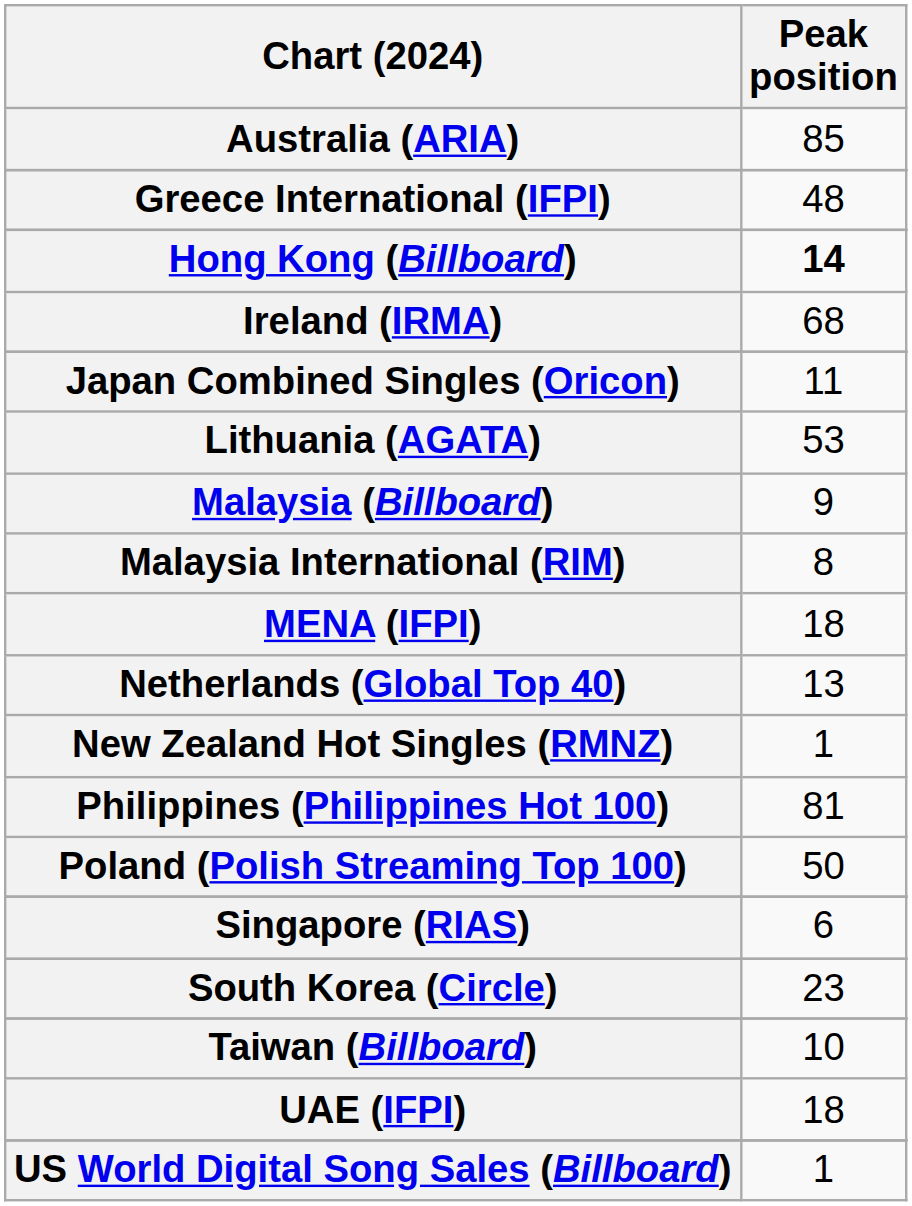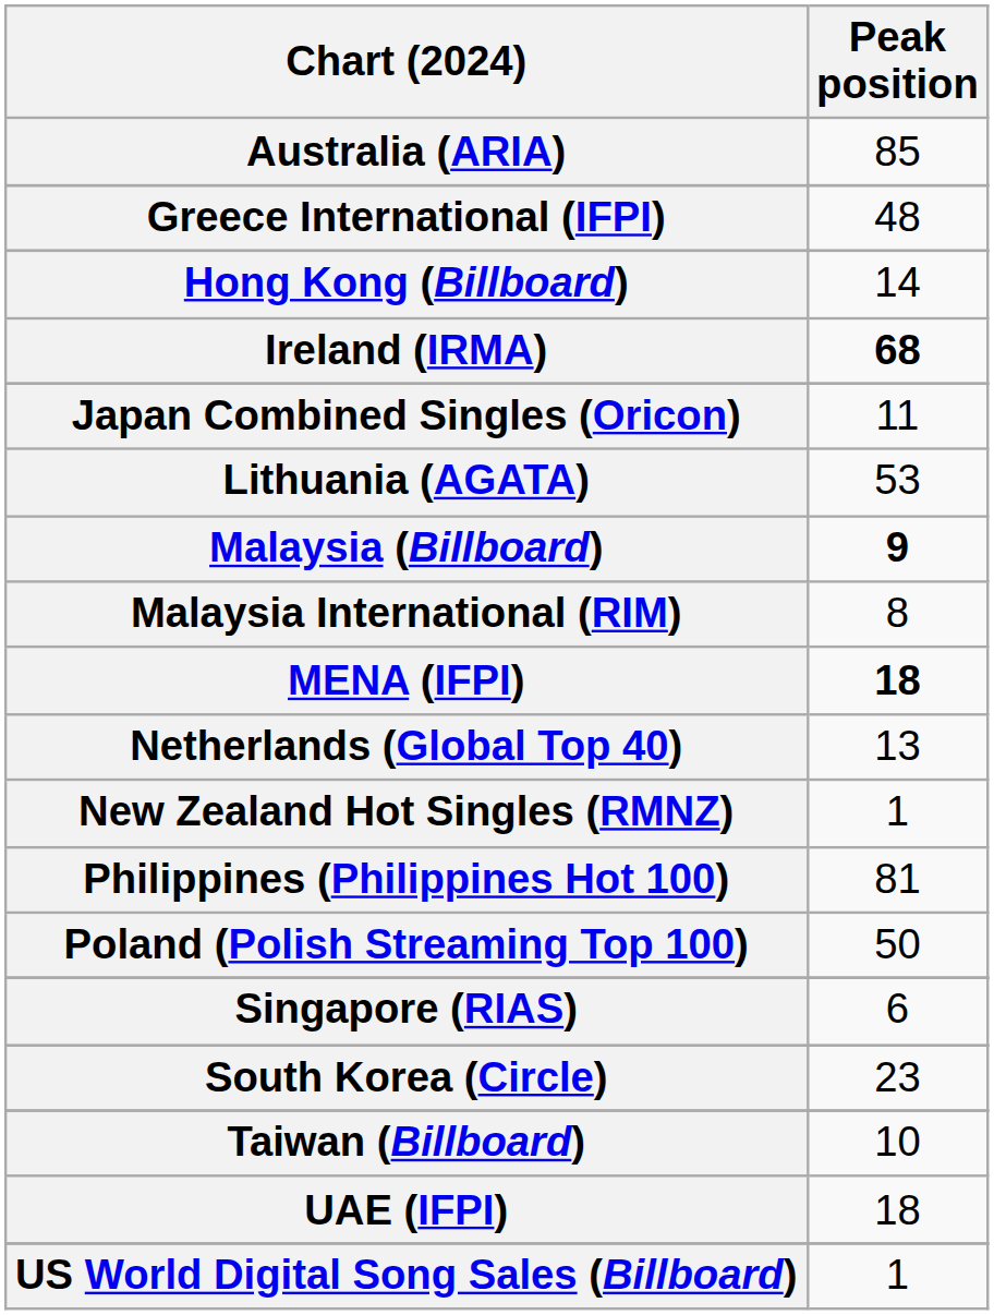 <table class="wikitable sortable plainrowheaders" style="text-align:center">
 <tr>
 <th scope="col">Chart (2024)</th>
 <th scope="col">Peak<br>position</th>
 </tr>
 <tr>
 <th scope="row">Australia (<a href='#'>ARIA</a>)</th>
 <td>85</td>
 </tr>
 <tr>
 </tr>
 <tr>
 </tr>
 <tr>
 </tr>
 <tr>
 </tr>
 <tr>
 </tr>
 <tr>
 <th scope="row">Greece International (<a href='#'>IFPI</a>)</th>
 <td>48</td>
 </tr>
 <tr>
 </tr>
 <tr>
 <th scope="row"><a href='#'>Hong Kong</a> (<em><a href='#'>Billboard</a></em>)</th>
-<td><strong>14</strong></td>
+<td>14</td>
 </tr>
 <tr>
 <th scope="row">Ireland (<a href='#'>IRMA</a>)</th>
-<td>68</td>
+<td><strong>68</strong></td>
 </tr>
 <tr>
 </tr>
 <tr>
 <th scope="row">Japan Combined Singles (<a href='#'>Oricon</a>)</th>
 <td>11</td>
 </tr>
 <tr>
 <th scope="row">Lithuania (<a href='#'>AGATA</a>)</th>
 <td>53</td>
 </tr>
 <tr>
 <th scope="row"><a href='#'>Malaysia</a> (<em><a href='#'>Billboard</a></em>)</th>
-<td>9</td>
+<td><strong>9</strong></td>
 </tr>
 <tr>
 <th scope="row">Malaysia International (<a href='#'>RIM</a>)</th>
 <td>8</td>
 </tr>
 <tr>
 <th scope="row"><a href='#'>MENA</a> (<a href='#'>IFPI</a>)</th>
-<td>18</td>
+<td><strong>18</strong></td>
 </tr>
 <tr>
 <th scope="row">Netherlands (<a href='#'>Global Top 40</a>)</th>
 <td>13</td>
 </tr>
 <tr>
 <th scope="row">New Zealand Hot Singles (<a href='#'>RMNZ</a>)</th>
 <td>1</td>
 </tr>
 <tr>
 <th scope="row">Philippines (<a href='#'>Philippines Hot 100</a>)</th>
 <td>81</td>
 </tr>
 <tr>
 <th scope="row">Poland (<a href='#'>Polish Streaming Top 100</a>)</th>
 <td>50</td>
 </tr>
 <tr>
 </tr>
 <tr>
 <th scope="row">Singapore (<a href='#'>RIAS</a>)</th>
 <td>6</td>
 </tr>
 <tr>
 </tr>
 <tr>
 <th scope="row">South Korea (<a href='#'>Circle</a>)</th>
 <td>23</td>
 </tr>
 <tr>
 </tr>
 <tr>
 <th scope="row">Taiwan (<em><a href='#'>Billboard</a></em>)</th>
 <td>10</td>
 </tr>
 <tr>
 <th scope="row">UAE (<a href='#'>IFPI</a>)</th>
 <td>18</td>
 </tr>
 <tr>
 </tr>
 <tr>
 </tr>
 <tr>
 <th scope="row">US <a href='#'>World Digital Song Sales</a> (<em><a href='#'>Billboard</a></em>)</th>
 <td>1</td>
 </tr>
 </table>
